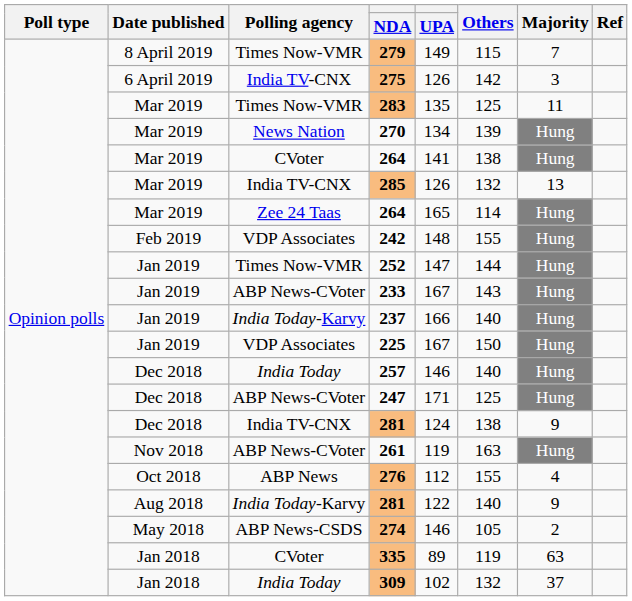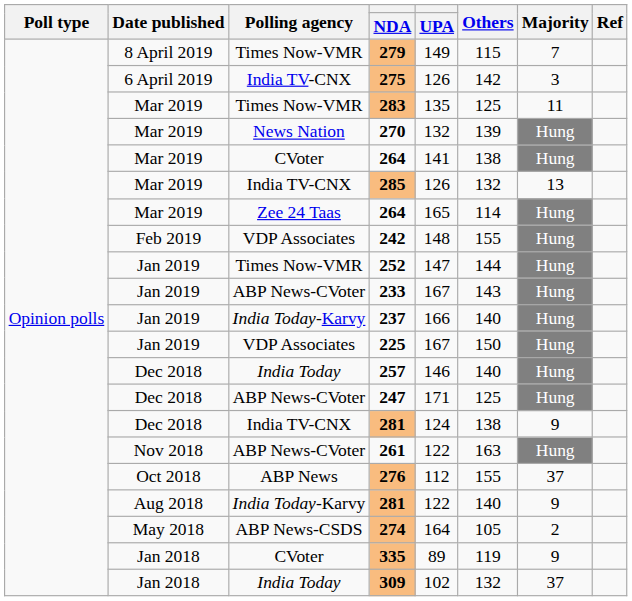 <table class="wikitable sortable" style="text-align:center;font-size:95%;line-height:16px">
 <tr>
 <th rowspan="2">Poll type</th>
 <th rowspan="2">Date published</th>
 <th rowspan="2">Polling agency</th>
 <th style="background:"></th>
 <th style="background:"></th>
 <th rowspan="2" class="unsortable"><a href='#'>Others</a></th>
 <th rowspan="2">Majority</th>
 <th rowspan="2">Ref</th>
 </tr>
 <tr>
 <th class="unsortable"><a href='#'>NDA</a></th>
 <th class="unsortable"><a href='#'>UPA</a></th>
 </tr>
 <tr>
 <td rowspan="21"><a href='#'>Opinion polls</a></td>
 <td>8 April 2019</td>
 <td>Times Now-VMR</td>
 <td style="background:#F9BC7F"><strong>279</strong></td>
 <td>149</td>
 <td>115</td>
 <td style="background:">7</td>
 <td></td>
 </tr>
 <tr>
 <td>6 April 2019</td>
 <td><a href='#'>India TV</a>-CNX</td>
 <td style="background:#F9BC7F"><strong>275</strong></td>
 <td>126</td>
 <td>142</td>
 <td style="background:">3</td>
 <td></td>
 </tr>
 <tr>
 <td>Mar 2019</td>
 <td>Times Now-VMR</td>
 <td style="background:#F9BC7F"><strong>283</strong></td>
 <td>135</td>
 <td>125</td>
 <td style="background:">11</td>
 <td></td>
 </tr>
 <tr>
 <td>Mar 2019</td>
 <td><a href='#'>News Nation</a></td>
 <td><strong>270</strong></td>
-<td>134</td>
+<td>132</td>
 <td>139</td>
 <td style="background:gray; color:white;">Hung</td>
 <td></td>
 </tr>
 <tr>
 <td>Mar 2019</td>
 <td>CVoter</td>
 <td><strong>264</strong></td>
 <td>141</td>
 <td>138</td>
 <td style="background:gray; color:white;">Hung</td>
 <td></td>
 </tr>
 <tr>
 <td>Mar 2019</td>
 <td>India TV-CNX</td>
 <td style="background:#F9BC7F"><strong>285</strong></td>
 <td>126</td>
 <td>132</td>
 <td style="background:">13</td>
 <td></td>
 </tr>
 <tr>
 <td>Mar 2019</td>
 <td><a href='#'>Zee 24 Taas</a></td>
 <td><strong>264</strong></td>
 <td>165</td>
 <td>114</td>
 <td style="background:gray; color:white;">Hung</td>
 <td></td>
 </tr>
 <tr>
 <td>Feb 2019</td>
 <td>VDP Associates</td>
 <td><strong>242</strong></td>
 <td>148</td>
 <td>155</td>
 <td style="background:gray; color:white;">Hung</td>
 <td></td>
 </tr>
 <tr>
 <td>Jan 2019</td>
 <td>Times Now-VMR</td>
 <td><strong>252</strong></td>
 <td>147</td>
 <td>144</td>
 <td style="background:gray; color:white;">Hung</td>
 <td></td>
 </tr>
 <tr>
 <td>Jan 2019</td>
 <td>ABP News-CVoter</td>
 <td><strong>233</strong></td>
 <td>167</td>
 <td>143</td>
 <td style="background:gray; color:white;">Hung</td>
 <td></td>
 </tr>
 <tr>
 <td>Jan 2019</td>
 <td><em>India Today</em>-<a href='#'>Karvy</a></td>
 <td><strong>237</strong></td>
 <td>166</td>
 <td>140</td>
 <td style="background:gray; color:white;">Hung</td>
 <td></td>
 </tr>
 <tr>
 <td>Jan 2019</td>
 <td>VDP Associates</td>
 <td><strong>225</strong></td>
 <td>167</td>
 <td>150</td>
 <td style="background:gray; color:white;">Hung</td>
 <td></td>
 </tr>
 <tr>
 <td>Dec 2018</td>
 <td><em>India Today</em></td>
 <td><strong>257</strong></td>
 <td>146</td>
 <td>140</td>
 <td style="background:gray; color:white;">Hung</td>
 <td></td>
 </tr>
 <tr>
 <td>Dec 2018</td>
 <td>ABP News-CVoter</td>
 <td><strong>247</strong></td>
 <td>171</td>
 <td>125</td>
 <td style="background:gray; color:white;">Hung</td>
 <td></td>
 </tr>
 <tr>
 <td>Dec 2018</td>
 <td>India TV-CNX</td>
 <td style="background:#F9BC7F"><strong>281</strong></td>
 <td>124</td>
 <td>138</td>
 <td style="background:">9</td>
 <td></td>
 </tr>
 <tr>
 <td>Nov 2018</td>
 <td>ABP News-CVoter</td>
 <td><strong>261</strong></td>
-<td>119</td>
+<td>122</td>
 <td>163</td>
 <td style="background:gray; color:white;">Hung</td>
 <td></td>
 </tr>
 <tr>
 <td>Oct 2018</td>
 <td>ABP News</td>
 <td style="background:#F9BC7F"><strong>276</strong></td>
 <td>112</td>
 <td>155</td>
-<td style="background:">4</td>
+<td style="background:">37</td>
 <td></td>
 </tr>
 <tr>
 <td>Aug 2018</td>
 <td><em>India Today</em>-Karvy</td>
 <td style="background:#F9BC7F"><strong>281</strong></td>
 <td>122</td>
 <td>140</td>
 <td style="background:">9</td>
 <td></td>
 </tr>
 <tr>
 <td>May 2018</td>
 <td>ABP News-CSDS</td>
 <td style="background:#F9BC7F"><strong>274</strong></td>
-<td>146</td>
+<td>164</td>
 <td>105</td>
 <td style="background:">2</td>
 <td></td>
 </tr>
 <tr>
 <td>Jan 2018</td>
 <td>CVoter</td>
 <td style="background:#F9BC7F"><strong>335</strong></td>
 <td>89</td>
 <td>119</td>
-<td style="background:">63</td>
+<td style="background:">9</td>
 <td></td>
 </tr>
 <tr>
 <td>Jan 2018</td>
 <td><em>India Today</em></td>
 <td style="background:#F9BC7F"><strong>309</strong></td>
 <td>102</td>
 <td>132</td>
 <td style="background:">37</td>
 <td></td>
 </tr>
 </table>
